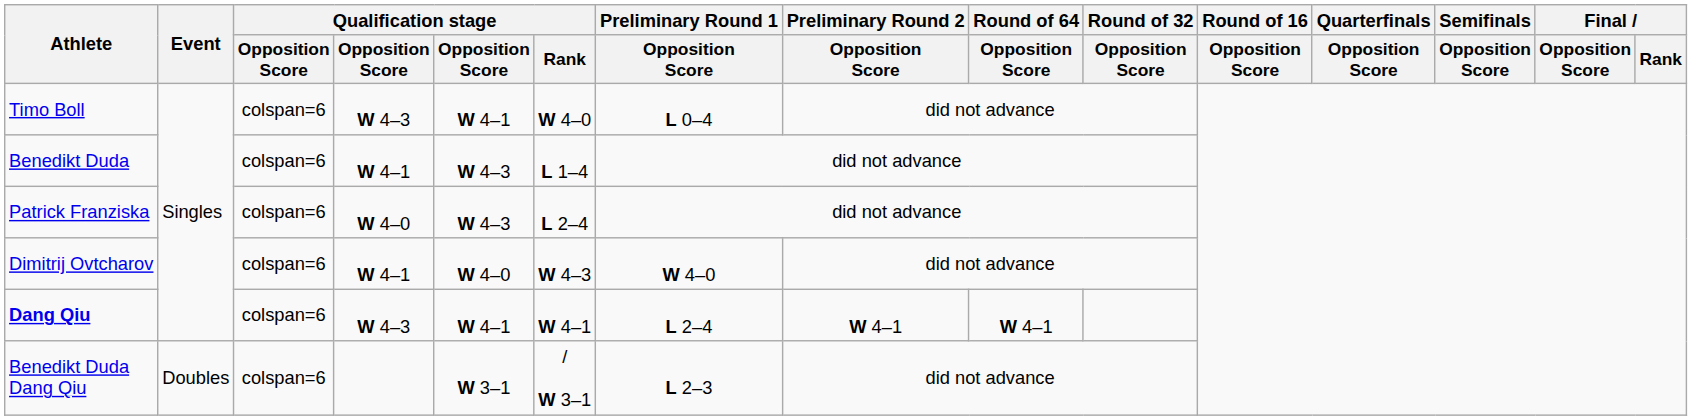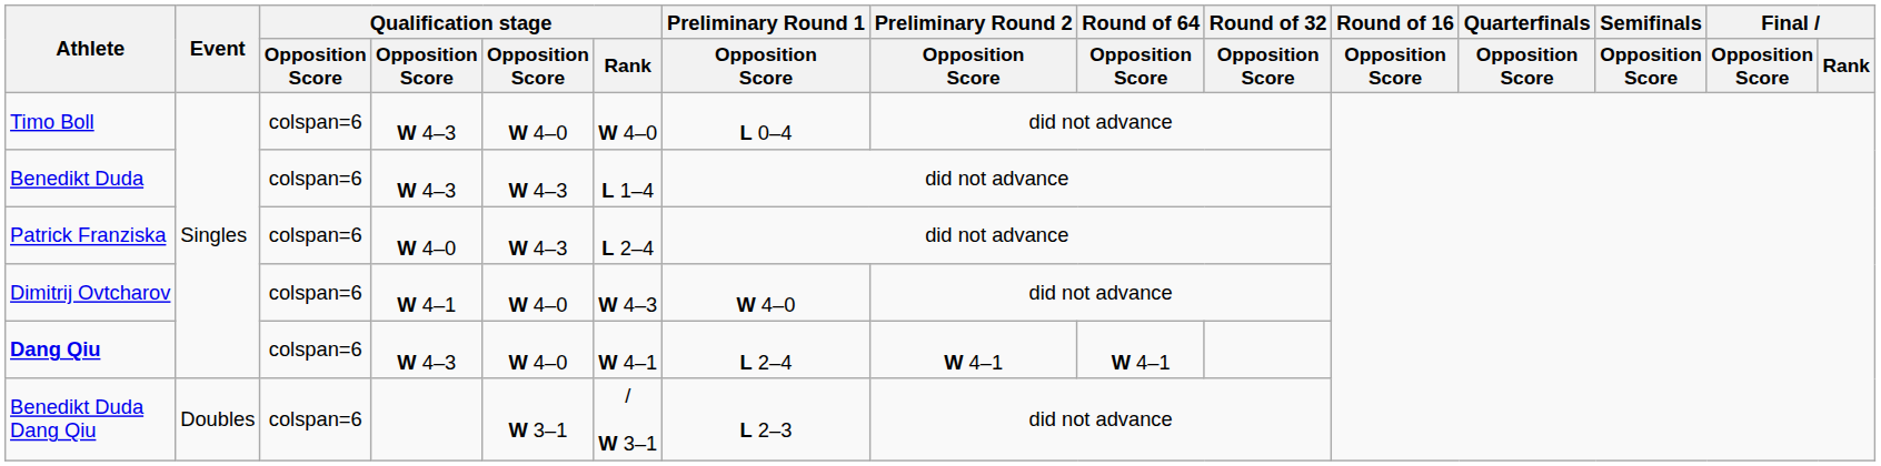 <table class=wikitable style=font-size:80%;text-align:center>
 <tr>
 <th rowspan=2>Athlete</th>
 <th rowspan=2>Event</th>
 <th colspan=4>Qualification stage</th>
 <th>Preliminary Round 1</th>
 <th>Preliminary Round 2</th>
 <th>Round of 64</th>
 <th>Round of 32</th>
 <th>Round of 16</th>
 <th>Quarterfinals</th>
 <th>Semifinals</th>
 <th colspan=2>Final / </th>
 </tr>
 <tr style=font-size:95%>
 <th>Opposition<br>Score</th>
 <th>Opposition<br>Score</th>
 <th>Opposition<br>Score</th>
 <th>Rank</th>
 <th>Opposition<br>Score</th>
 <th>Opposition<br>Score</th>
 <th>Opposition<br>Score</th>
 <th>Opposition<br>Score</th>
 <th>Opposition<br>Score</th>
 <th>Opposition<br>Score</th>
 <th>Opposition<br>Score</th>
 <th>Opposition<br>Score</th>
 <th>Rank</th>
 </tr>
 <tr align=center>
 <td align=left><a href='#'>Timo Boll</a></td>
 <td align=left rowspan=5>Singles</td>
 <td>colspan=6</td>
 <td><br><strong>W</strong> 4–3</td>
-<td><br><strong>W</strong> 4–1</td>
+<td><br><strong>W</strong> 4–0</td>
 <td><br><strong>W</strong> 4–0</td>
 <td><br><strong>L</strong> 0–4</td>
 <td colspan=3>did not advance</td>
 </tr>
 <tr align=center>
 <td align=left><a href='#'>Benedikt Duda</a></td>
 <td>colspan=6</td>
-<td><br><strong>W</strong> 4–1</td>
+<td><br><strong>W</strong> 4–3</td>
 <td><br><strong>W</strong> 4–3</td>
 <td><br><strong>L</strong> 1–4</td>
 <td colspan=4>did not advance</td>
 </tr>
 <tr align=center>
 <td align=left><a href='#'>Patrick Franziska</a></td>
 <td>colspan=6</td>
 <td><br><strong>W</strong> 4–0</td>
 <td><br><strong>W</strong> 4–3</td>
 <td><br><strong>L</strong> 2–4</td>
 <td colspan=4>did not advance</td>
 </tr>
 <tr align=center>
 <td align=left><a href='#'>Dimitrij Ovtcharov</a></td>
 <td>colspan=6</td>
 <td><br><strong>W</strong> 4–1</td>
 <td><br><strong>W</strong> 4–0</td>
 <td><br><strong>W</strong> 4–3</td>
 <td><br><strong>W</strong> 4–0</td>
 <td colspan=3>did not advance</td>
 </tr>
 <tr align=center>
 <td align=left><strong><a href='#'>Dang Qiu</a></strong></td>
 <td>colspan=6</td>
 <td><br><strong>W</strong> 4–3</td>
-<td><br><strong>W</strong> 4–1</td>
+<td><br><strong>W</strong> 4–0</td>
 <td><br><strong>W</strong> 4–1</td>
 <td><br><strong>L</strong> 2–4</td>
 <td><br><strong>W</strong> 4–1</td>
 <td><br><strong>W</strong> 4–1</td>
 <td></td>
 </tr>
 <tr align=center>
 <td align=left><a href='#'>Benedikt Duda</a><br><a href='#'>Dang Qiu</a></td>
 <td align=left>Doubles</td>
 <td>colspan=6</td>
 <td></td>
 <td><br><strong>W</strong> 3–1</td>
 <td> /<br><br><strong>W</strong> 3–1</td>
 <td><br><strong>L</strong> 2–3</td>
 <td colspan=3>did not advance</td>
 </tr>
 </table>
